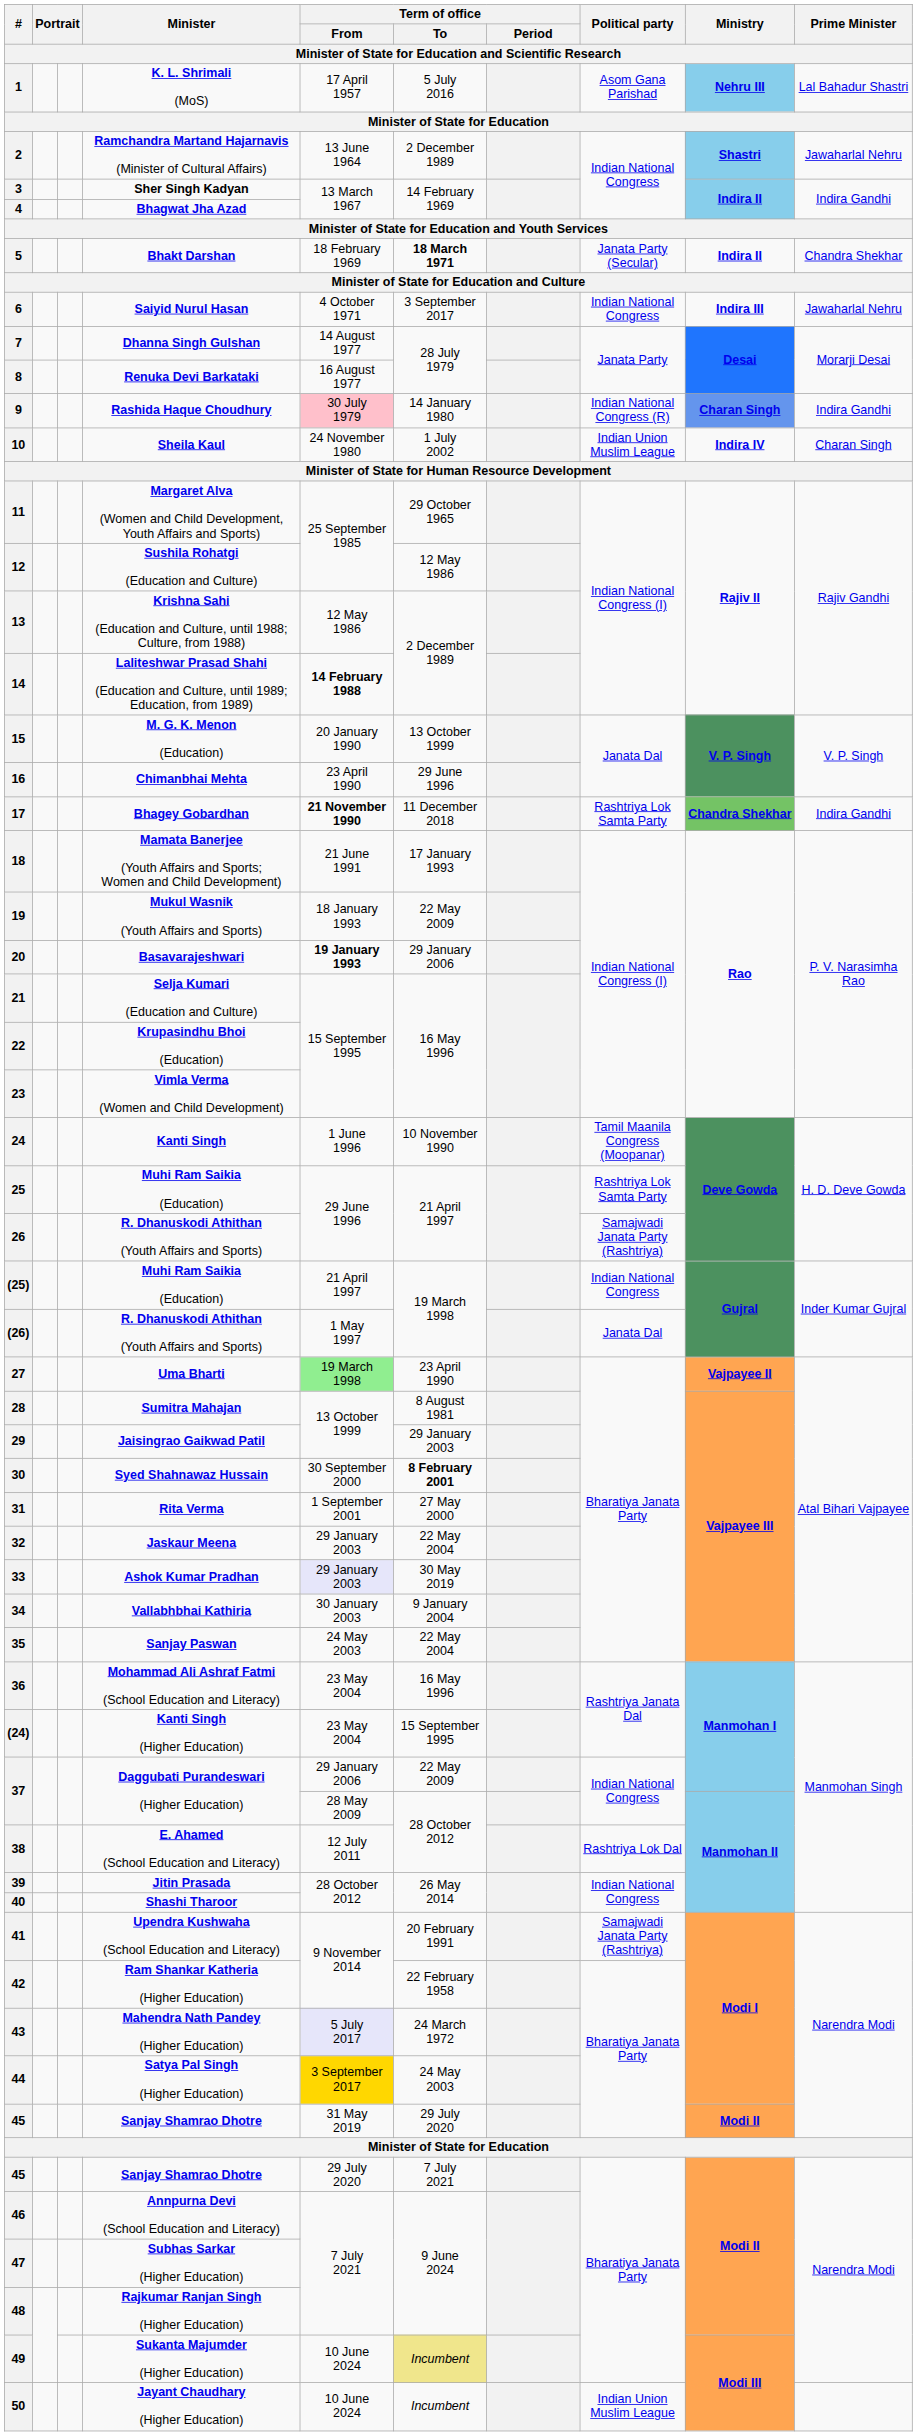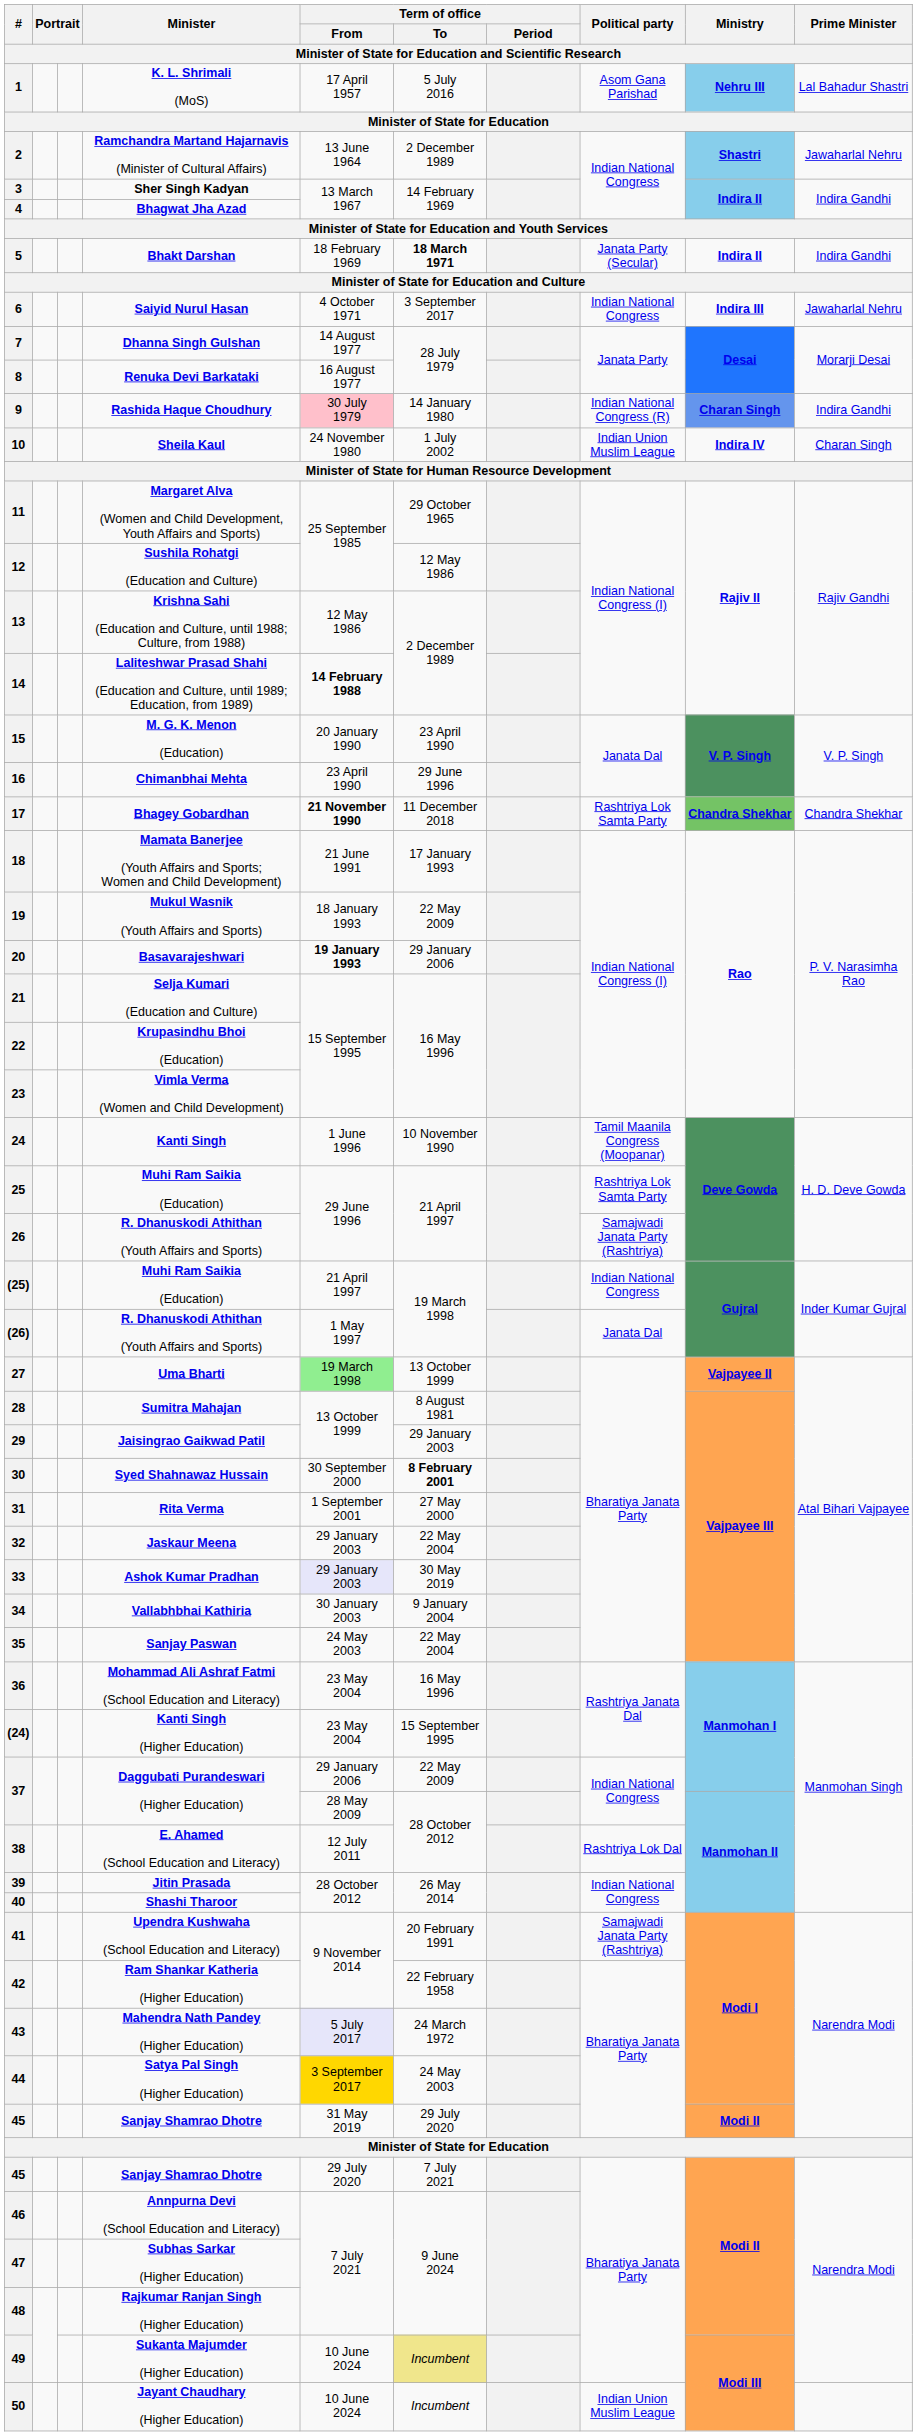 <table class="wikitable" style="text-align:center">
 <tr>
 <th rowspan="2">#</th>
 <th rowspan="2" colspan="2">Portrait</th>
 <th rowspan="2" style="width:17em">Minister<br></th>
 <th colspan="3">Term of office</th>
 <th rowspan="2" style="width:8em">Political party</th>
 <th rowspan="2">Ministry</th>
 <th rowspan="2" style="width:9em">Prime Minister</th>
 </tr>
 <tr>
 <th style="width:7em">From</th>
 <th style="width:7em">To</th>
 <th style="width:7em">Period</th>
 </tr>
 <tr>
 <th colspan="10">Minister of State for Education and Scientific Research</th>
 </tr>
 <tr>
 <th>1</th>
 <td></td>
 <td></td>
 <td><strong><a href='#'>K. L. Shrimali</a></strong><br><br>(MoS)</td>
 <td>17 April<br>1957</td>
 <td>5 July<br>2016</td>
 <th></th>
 <td><a href='#'>Asom Gana Parishad</a></td>
 <td bgcolor="#87CEEB"><strong><a href='#'>Nehru III</a></strong></td>
 <td><a href='#'>Lal Bahadur Shastri</a></td>
 </tr>
 <tr>
 <th colspan="10">Minister of State for Education</th>
 </tr>
 <tr>
 <th>2</th>
 <td></td>
 <td></td>
 <td><strong><a href='#'>Ramchandra Martand Hajarnavis</a></strong><br><br>(Minister of Cultural Affairs)</td>
 <td>13 June<br>1964</td>
 <td>2 December<br>1989</td>
 <th></th>
 <td rowspan="3"><a href='#'>Indian National Congress</a></td>
 <td bgcolor="#87CEEB"><strong><a href='#'>Shastri</a></strong></td>
 <td><a href='#'>Jawaharlal Nehru</a></td>
 </tr>
 <tr>
 <th>3</th>
 <td></td>
 <td></td>
 <td><strong>Sher Singh Kadyan</strong><br></td>
 <td rowspan="2">13 March<br>1967</td>
 <td rowspan="2">14 February<br>1969</td>
 <th rowspan="2"></th>
 <td rowspan="2" bgcolor="#87CEEB"><strong><a href='#'>Indira II</a></strong></td>
 <td rowspan="2"><a href='#'>Indira Gandhi</a></td>
 </tr>
 <tr>
 <th>4</th>
 <td></td>
 <td></td>
 <td><strong><a href='#'>Bhagwat Jha Azad</a></strong><br></td>
 </tr>
 <tr>
 <th colspan="10">Minister of State for Education and Youth Services</th>
 </tr>
 <tr>
 <th>5</th>
 <td></td>
 <td></td>
 <td><strong><a href='#'>Bhakt Darshan</a></strong><br></td>
 <td>18 February<br>1969</td>
 <td><strong>18 March<br>1971</strong></td>
 <th></th>
 <td><a href='#'>Janata Party (Secular)</a></td>
 <td><strong><a href='#'>Indira II</a></strong></td>
-<td><a href='#'>Chandra Shekhar</a></td>
+<td><a href='#'>Indira Gandhi</a></td>
 </tr>
 <tr>
 <th colspan="10">Minister of State for Education and Culture</th>
 </tr>
 <tr>
 <th>6</th>
 <td></td>
 <td></td>
 <td><strong><a href='#'>Saiyid Nurul Hasan</a></strong><br></td>
 <td>4 October<br>1971</td>
 <td>3 September<br>2017</td>
 <th></th>
 <td><a href='#'>Indian National Congress</a></td>
 <td><strong><a href='#'>Indira III</a></strong></td>
 <td><a href='#'>Jawaharlal Nehru</a></td>
 </tr>
 <tr>
 <th>7</th>
 <td></td>
 <td></td>
 <td><strong><a href='#'>Dhanna Singh Gulshan</a></strong><br></td>
 <td>14 August<br>1977</td>
 <td rowspan="2">28 July<br>1979</td>
 <th></th>
 <td rowspan="2"><a href='#'>Janata Party</a></td>
 <td rowspan="2" bgcolor="#1F75FE"><strong><a href='#'>Desai</a></strong></td>
 <td rowspan="2"><a href='#'>Morarji Desai</a></td>
 </tr>
 <tr>
 <th>8</th>
 <td></td>
 <td></td>
 <td><strong><a href='#'>Renuka Devi Barkataki</a></strong><br></td>
 <td>16 August<br>1977</td>
 <th></th>
 </tr>
 <tr>
 <th>9</th>
 <td></td>
 <td></td>
 <td><strong><a href='#'>Rashida Haque Choudhury</a></strong><br></td>
 <td style="background: pink;">30 July<br>1979</td>
 <td>14 January<br>1980</td>
 <th></th>
 <td><a href='#'>Indian National Congress (R)</a></td>
 <td bgcolor="#6495ED"><strong><a href='#'>Charan Singh</a></strong></td>
 <td><a href='#'>Indira Gandhi</a></td>
 </tr>
 <tr>
 <th>10</th>
 <td></td>
 <td></td>
 <td><strong><a href='#'>Sheila Kaul</a></strong><br></td>
 <td>24 November<br>1980</td>
 <td>1 July<br>2002</td>
 <th></th>
 <td><a href='#'>Indian Union Muslim League</a></td>
 <td><strong><a href='#'>Indira IV</a></strong></td>
 <td><a href='#'>Charan Singh</a></td>
 </tr>
 <tr>
 <th colspan="10">Minister of State for Human Resource Development</th>
 </tr>
 <tr>
 <th>11</th>
 <td></td>
 <td></td>
 <td><strong><a href='#'>Margaret Alva</a></strong><br><br>(Women and Child Development,<br>Youth Affairs and Sports)</td>
 <td rowspan="2">25 September<br>1985</td>
 <td>29 October<br>1965</td>
 <th></th>
 <td rowspan="4"><a href='#'>Indian National Congress (I)</a></td>
 <td rowspan="4"><strong><a href='#'>Rajiv II</a></strong></td>
 <td rowspan="4"><a href='#'>Rajiv Gandhi</a></td>
 </tr>
 <tr>
 <th>12</th>
 <td></td>
 <td></td>
 <td><strong><a href='#'>Sushila Rohatgi</a></strong><br><br>(Education and Culture)</td>
 <td>12 May<br>1986</td>
 <th></th>
 </tr>
 <tr>
 <th>13</th>
 <td></td>
 <td></td>
 <td><strong><a href='#'>Krishna Sahi</a></strong><br><br>(Education and Culture, until 1988;<br>Culture, from 1988)</td>
 <td>12 May<br>1986</td>
 <td rowspan="2">2 December<br>1989</td>
 <th></th>
 </tr>
 <tr>
 <th>14</th>
 <td></td>
 <td></td>
 <td><strong><a href='#'>Laliteshwar Prasad Shahi</a></strong><br><br>(Education and Culture, until 1989;<br>Education, from 1989)</td>
 <td><strong>14 February<br>1988</strong></td>
 <th></th>
 </tr>
 <tr>
 <th>15</th>
 <td></td>
 <td></td>
 <td><strong><a href='#'>M. G. K. Menon</a></strong><br><br>(Education)</td>
 <td>20 January<br>1990</td>
-<td>13 October<br>1999</td>
+<td>23 April<br>1990</td>
 <th></th>
 <td rowspan="2"><a href='#'>Janata Dal</a></td>
 <td rowspan="2" style="background:#4C915F"><strong><a href='#'>V. P. Singh</a></strong></td>
 <td rowspan="2"><a href='#'>V. P. Singh</a></td>
 </tr>
 <tr>
 <th>16</th>
 <td></td>
 <td></td>
 <td><strong><a href='#'>Chimanbhai Mehta</a></strong><br></td>
 <td>23 April<br>1990</td>
 <td>29 June<br>1996</td>
 <th></th>
 </tr>
 <tr>
 <th>17</th>
 <td></td>
 <td></td>
 <td><strong><a href='#'>Bhagey Gobardhan</a></strong><br></td>
 <td><strong>21 November<br>1990</strong></td>
 <td>11 December<br>2018</td>
 <th></th>
 <td><a href='#'>Rashtriya Lok Samta Party</a></td>
 <td style="background:#74C365"><strong><a href='#'>Chandra Shekhar</a></strong></td>
-<td><a href='#'>Indira Gandhi</a></td>
+<td><a href='#'>Chandra Shekhar</a></td>
 </tr>
 <tr>
 <th>18</th>
 <td></td>
 <td></td>
 <td><strong><a href='#'>Mamata Banerjee</a></strong><br><br>(Youth Affairs and Sports;<br>Women and Child Development)</td>
 <td>21 June<br>1991</td>
 <td>17 January<br>1993</td>
 <th></th>
 <td rowspan="6"><a href='#'>Indian National Congress (I)</a></td>
 <td rowspan="6"><a href='#'><strong>Rao</strong></a></td>
 <td rowspan="6"><a href='#'>P. V. Narasimha Rao</a></td>
 </tr>
 <tr>
 <th>19</th>
 <td></td>
 <td></td>
 <td><strong><a href='#'>Mukul Wasnik</a></strong><br><br>(Youth Affairs and Sports)</td>
 <td>18 January<br>1993</td>
 <td>22 May<br>2009</td>
 <th></th>
 </tr>
 <tr>
 <th>20</th>
 <td></td>
 <td></td>
 <td><strong><a href='#'>Basavarajeshwari</a></strong><br></td>
 <td><strong>19 January<br>1993</strong></td>
 <td>29 January<br>2006</td>
 <th></th>
 </tr>
 <tr>
 <th>21</th>
 <td></td>
 <td></td>
 <td><strong><a href='#'>Selja Kumari</a></strong><br><br>(Education and Culture)</td>
 <td rowspan="3">15 September<br>1995</td>
 <td rowspan="3">16 May<br>1996</td>
 <th rowspan="3"></th>
 </tr>
 <tr>
 <th>22</th>
 <td></td>
 <td></td>
 <td><strong><a href='#'>Krupasindhu Bhoi</a></strong><br><br>(Education)</td>
 </tr>
 <tr>
 <th>23</th>
 <td></td>
 <td></td>
 <td><strong><a href='#'>Vimla Verma</a></strong><br><br>(Women and Child Development)</td>
 </tr>
 <tr>
 <th>24</th>
 <td></td>
 <td></td>
 <td><strong><a href='#'>Kanti Singh</a></strong><br></td>
 <td>1 June<br>1996</td>
 <td>10 November<br>1990</td>
 <th></th>
 <td><a href='#'>Tamil Maanila Congress (Moopanar)</a></td>
 <td rowspan="3" style="background:#4C915F"><strong><a href='#'>Deve Gowda</a></strong></td>
 <td rowspan="3"><a href='#'>H. D. Deve Gowda</a></td>
 </tr>
 <tr>
 <th>25</th>
 <td></td>
 <td></td>
 <td><strong><a href='#'>Muhi Ram Saikia</a></strong><br><br>(Education)</td>
 <td rowspan="2">29 June<br>1996</td>
 <td rowspan="2">21 April<br>1997</td>
 <th rowspan="2"></th>
 <td><a href='#'>Rashtriya Lok Samta Party</a></td>
 </tr>
 <tr>
 <th>26</th>
 <td></td>
 <td></td>
 <td><strong><a href='#'>R. Dhanuskodi Athithan</a></strong><br><br>(Youth Affairs and Sports)</td>
 <td><a href='#'>Samajwadi Janata Party (Rashtriya)</a></td>
 </tr>
 <tr>
 <th>(25)</th>
 <td></td>
 <td></td>
 <td><strong><a href='#'>Muhi Ram Saikia</a></strong><br><br>(Education)</td>
 <td>21 April<br>1997</td>
 <td rowspan="2">19 March<br>1998</td>
 <th></th>
 <td><a href='#'>Indian National Congress</a></td>
 <td rowspan="2" style="background:#4C915F"><strong><a href='#'>Gujral</a></strong></td>
 <td rowspan="2"><a href='#'>Inder Kumar Gujral</a></td>
 </tr>
 <tr>
 <th>(26)</th>
 <td></td>
 <td></td>
 <td><strong><a href='#'>R. Dhanuskodi Athithan</a></strong><br><br>(Youth Affairs and Sports)</td>
 <td>1 May<br>1997</td>
 <th></th>
 <td><a href='#'>Janata Dal</a></td>
 </tr>
 <tr>
 <th>27</th>
 <td></td>
 <td></td>
 <td><strong><a href='#'>Uma Bharti</a></strong><br></td>
 <td style="background: lightgreen;">19 March<br>1998</td>
-<td>23 April<br>1990</td>
+<td>13 October<br>1999</td>
 <th></th>
 <td rowspan="9"><a href='#'>Bharatiya Janata Party</a></td>
 <td style="background:#FFA551;"><strong><a href='#'>Vajpayee II</a></strong></td>
 <td rowspan="9"><a href='#'>Atal Bihari Vajpayee</a></td>
 </tr>
 <tr>
 <th>28</th>
 <td></td>
 <td></td>
 <td><strong><a href='#'>Sumitra Mahajan</a></strong><br></td>
 <td rowspan="2">13 October<br>1999</td>
 <td>8 August<br>1981</td>
 <th></th>
 <td rowspan="8" style="background:#FFA551;"><strong><a href='#'>Vajpayee III</a></strong></td>
 </tr>
 <tr>
 <th>29</th>
 <td></td>
 <td></td>
 <td><strong><a href='#'>Jaisingrao Gaikwad Patil</a></strong><br></td>
 <td>29 January<br>2003</td>
 <th></th>
 </tr>
 <tr>
 <th>30</th>
 <td></td>
 <td></td>
 <td><strong><a href='#'>Syed Shahnawaz Hussain</a></strong><br></td>
 <td>30 September<br>2000</td>
 <td><strong>8 February<br>2001</strong></td>
 <th></th>
 </tr>
 <tr>
 <th>31</th>
 <td></td>
 <td></td>
 <td><strong><a href='#'>Rita Verma</a></strong><br></td>
 <td>1 September<br>2001</td>
 <td>27 May<br>2000</td>
 <th></th>
 </tr>
 <tr>
 <th>32</th>
 <td></td>
 <td></td>
 <td><strong><a href='#'>Jaskaur Meena</a></strong><br></td>
 <td>29 January<br>2003</td>
 <td>22 May<br>2004</td>
 <th></th>
 </tr>
 <tr>
 <th>33</th>
 <td></td>
 <td></td>
 <td><strong><a href='#'>Ashok Kumar Pradhan</a></strong><br></td>
 <td style="background: lavender;">29 January<br>2003</td>
 <td>30 May<br>2019</td>
 <th></th>
 </tr>
 <tr>
 <th>34</th>
 <td></td>
 <td></td>
 <td><strong><a href='#'>Vallabhbhai Kathiria</a></strong><br></td>
 <td>30 January<br>2003</td>
 <td>9 January<br>2004</td>
 <th></th>
 </tr>
 <tr>
 <th>35</th>
 <td></td>
 <td></td>
 <td><strong><a href='#'>Sanjay Paswan</a></strong><br></td>
 <td>24 May<br>2003</td>
 <td>22 May<br>2004</td>
 <th></th>
 </tr>
 <tr>
 <th>36</th>
 <td></td>
 <td></td>
 <td><strong><a href='#'>Mohammad Ali Ashraf Fatmi</a></strong><br><br>(School Education and Literacy)</td>
 <td>23 May<br>2004</td>
 <td>16 May<br>1996</td>
 <th></th>
 <td rowspan="2"><a href='#'>Rashtriya Janata Dal</a></td>
 <td rowspan="3" bgcolor="#87CEEB"><a href='#'><strong>Manmohan I</strong></a></td>
 <td rowspan="7"><a href='#'>Manmohan Singh</a></td>
 </tr>
 <tr>
 <th>(24)</th>
 <td></td>
 <td></td>
 <td><strong><a href='#'>Kanti Singh</a></strong><br><br>(Higher Education)</td>
 <td>23 May<br>2004</td>
 <td>15 September<br>1995</td>
 <th></th>
 </tr>
 <tr>
 <th rowspan="2">37</th>
 <td rowspan="2"></td>
 <td rowspan="2"></td>
 <td rowspan="2"><strong><a href='#'>Daggubati Purandeswari</a></strong><br><br>(Higher Education)</td>
 <td>29 January<br>2006</td>
 <td>22 May<br>2009</td>
 <th></th>
 <td rowspan="2"><a href='#'>Indian National Congress</a></td>
 </tr>
 <tr>
 <td>28 May<br>2009</td>
 <td rowspan="2">28 October<br>2012</td>
 <th></th>
 <td rowspan="4" bgcolor="#87CEEB"><a href='#'><strong>Manmohan II</strong></a></td>
 </tr>
 <tr>
 <th>38</th>
 <td></td>
 <td></td>
 <td><strong><a href='#'>E. Ahamed</a></strong><br><br>(School Education and Literacy)</td>
 <td>12 July<br>2011</td>
 <th></th>
 <td><a href='#'>Rashtriya Lok Dal</a></td>
 </tr>
 <tr>
 <th>39</th>
 <td></td>
 <td></td>
 <td><strong><a href='#'>Jitin Prasada</a></strong><br></td>
 <td rowspan="2">28 October<br>2012</td>
 <td rowspan="2">26 May<br>2014</td>
 <th rowspan="2"></th>
 <td rowspan="2"><a href='#'>Indian National Congress</a></td>
 </tr>
 <tr>
 <th>40</th>
 <td></td>
 <td></td>
 <td><strong><a href='#'>Shashi Tharoor</a></strong><br></td>
 </tr>
 <tr>
 <th>41</th>
 <td></td>
 <td></td>
 <td><strong><a href='#'>Upendra Kushwaha</a></strong><br><br>(School Education and Literacy)</td>
 <td rowspan="2">9 November<br>2014</td>
 <td>20 February<br>1991</td>
 <th></th>
 <td><a href='#'>Samajwadi Janata Party (Rashtriya)</a></td>
 <td rowspan="4" style="background:#FFA551;"><strong><a href='#'>Modi I</a></strong></td>
 <td rowspan="5"><a href='#'>Narendra Modi</a></td>
 </tr>
 <tr>
 <th>42</th>
 <td></td>
 <td></td>
 <td><strong><a href='#'>Ram Shankar Katheria</a></strong><br><br>(Higher Education)</td>
 <td>22 February<br>1958</td>
 <th></th>
 <td rowspan="4"><a href='#'>Bharatiya Janata Party</a></td>
 </tr>
 <tr>
 <th>43</th>
 <td></td>
 <td></td>
 <td><strong><a href='#'>Mahendra Nath Pandey</a></strong><br><br>(Higher Education)</td>
 <td style="background: lavender;">5 July<br>2017</td>
 <td>24 March<br>1972</td>
 <th></th>
 </tr>
 <tr>
 <th>44</th>
 <td></td>
 <td></td>
 <td><strong><a href='#'>Satya Pal Singh</a></strong><br><br>(Higher Education)</td>
 <td style="background: gold;">3 September<br>2017</td>
 <td>24 May<br>2003</td>
 <th></th>
 </tr>
 <tr>
 <th>45</th>
 <td></td>
 <td></td>
 <td><strong><a href='#'>Sanjay Shamrao Dhotre</a></strong><br></td>
 <td>31 May<br>2019</td>
 <td>29 July<br>2020</td>
 <th></th>
 <td style="background:#FFA551;"><strong><a href='#'>Modi II</a></strong></td>
 </tr>
 <tr>
 <th colspan="10">Minister of State for Education</th>
 </tr>
 <tr>
 <th>45</th>
 <td></td>
 <td></td>
 <td><strong><a href='#'>Sanjay Shamrao Dhotre</a></strong><br></td>
 <td>29 July<br>2020</td>
 <td>7 July<br>2021</td>
 <th></th>
 <td rowspan="5"><a href='#'>Bharatiya Janata Party</a></td>
 <td rowspan="4" style="background:#FFA551;"><strong><a href='#'>Modi II</a></strong></td>
 <td rowspan="5"><a href='#'>Narendra Modi</a></td>
 </tr>
 <tr>
 <th>46</th>
 <td></td>
 <td></td>
 <td><strong><a href='#'>Annpurna Devi</a></strong><br><br>(School Education and Literacy)</td>
 <td rowspan="3">7 July<br>2021</td>
 <td rowspan="3">9 June<br>2024</td>
 <th rowspan="3"></th>
 </tr>
 <tr>
 <th>47</th>
 <td></td>
 <td></td>
 <td><strong><a href='#'>Subhas Sarkar</a></strong><br><br>(Higher Education)</td>
 </tr>
 <tr>
 <th>48</th>
 <td rowspan="2"></td>
 <td></td>
 <td><strong><a href='#'>Rajkumar Ranjan Singh</a></strong><br><br>(Higher Education)</td>
 </tr>
 <tr>
 <th>49</th>
 <td></td>
 <td><strong><a href='#'>Sukanta Majumder </a></strong><br><br>(Higher Education)</td>
 <td>10 June<br> 2024</td>
 <td style="background: khaki;"><em>Incumbent</em></td>
 <th></th>
 <td rowspan="2" style="background:#FFA551;"><strong><a href='#'>Modi III</a></strong></td>
 </tr>
 <tr>
 <th>50</th>
 <td rowspan="2"></td>
 <td></td>
 <td><strong><a href='#'>Jayant Chaudhary</a></strong><br><br>(Higher Education)</td>
 <td>10 June<br> 2024</td>
 <td><em>Incumbent</em></td>
 <th></th>
 <td><a href='#'>Indian Union Muslim League</a></td>
 <td></td>
 </tr>
 </table>
